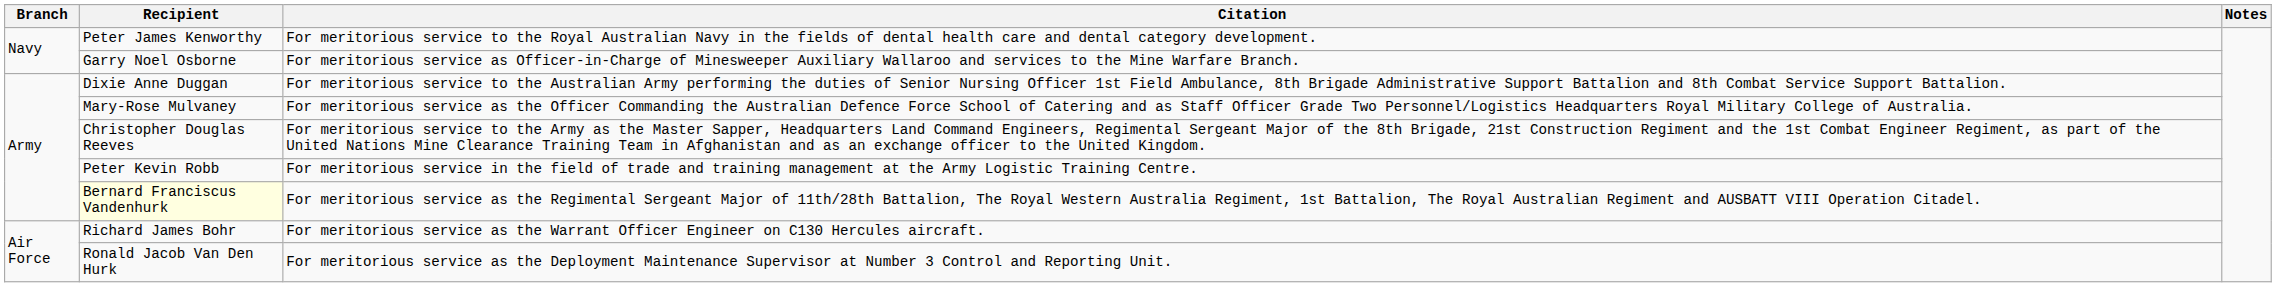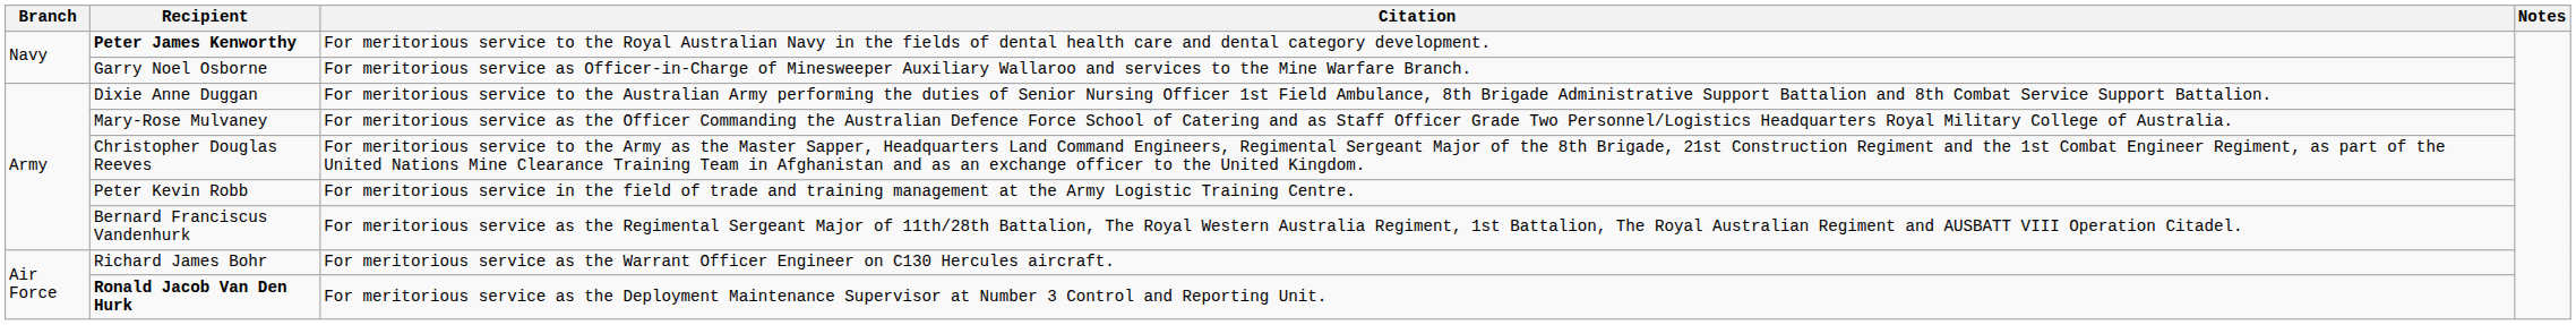 <table class="wikitable" style="font-size:95%;">
 <tr>
 <th>Branch</th>
 <th>Recipient</th>
 <th>Citation</th>
 <th>Notes</th>
 </tr>
 <tr>
 <td rowspan=2>Navy</td>
-<td> Peter James Kenworthy</td>
+<td><strong> Peter James Kenworthy</strong></td>
 <td>For meritorious service to the Royal Australian Navy in the fields of dental health care and dental category development.</td>
 <td rowspan=9></td>
 </tr>
 <tr>
 <td> Garry Noel Osborne</td>
 <td>For meritorious service as Officer-in-Charge of Minesweeper Auxiliary Wallaroo and services to the Mine Warfare Branch.</td>
 </tr>
 <tr>
 <td rowspan=5>Army</td>
 <td> Dixie Anne Duggan</td>
 <td>For meritorious service to the Australian Army performing the duties of Senior Nursing Officer 1st Field Ambulance, 8th Brigade Administrative Support Battalion and 8th Combat Service Support Battalion.</td>
 </tr>
 <tr>
 <td> Mary-Rose Mulvaney</td>
 <td>For meritorious service as the Officer Commanding the Australian Defence Force School of Catering and as Staff Officer Grade Two Personnel/Logistics Headquarters Royal Military College of Australia.</td>
 </tr>
 <tr>
 <td> Christopher Douglas Reeves</td>
 <td>For meritorious service to the Army as the Master Sapper, Headquarters Land Command Engineers, Regimental Sergeant Major of the 8th Brigade, 21st Construction Regiment and the 1st Combat Engineer Regiment, as part of the United Nations Mine Clearance Training Team in Afghanistan and as an exchange officer to the United Kingdom.</td>
 </tr>
 <tr>
 <td> Peter Kevin Robb</td>
 <td>For meritorious service in the field of trade and training management at the Army Logistic Training Centre.</td>
 </tr>
 <tr>
-<td style="background: lightyellow;"> Bernard Franciscus Vandenhurk</td>
+<td> Bernard Franciscus Vandenhurk</td>
 <td>For meritorious service as the Regimental Sergeant Major of 11th/28th Battalion, The Royal Western Australia Regiment, 1st Battalion, The Royal Australian Regiment and AUSBATT VIII Operation Citadel.</td>
 </tr>
 <tr>
 <td rowspan=2>Air Force</td>
 <td> Richard James Bohr </td>
 <td>For meritorious service as the Warrant Officer Engineer on C130 Hercules aircraft.</td>
 </tr>
 <tr>
-<td> Ronald Jacob Van Den Hurk</td>
+<td><strong> Ronald Jacob Van Den Hurk</strong></td>
 <td>For meritorious service as the Deployment Maintenance Supervisor at Number 3 Control and Reporting Unit.</td>
 </tr>
 </table>
